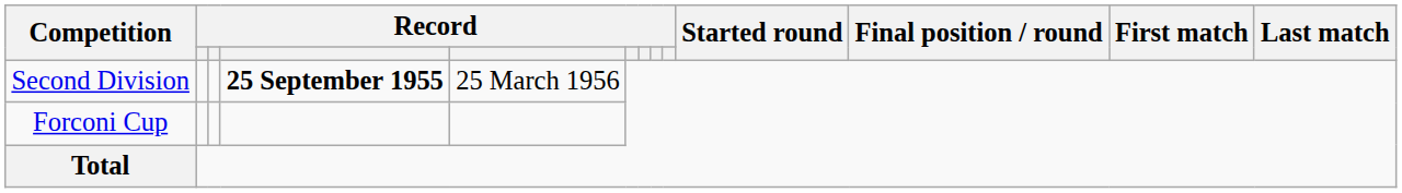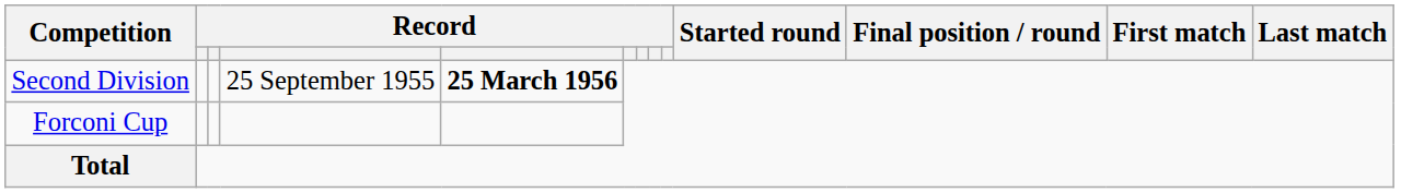 <table class="wikitable" style="text-align: center">
 <tr>
 <th rowspan=2>Competition</th>
 <th colspan=8>Record</th>
 <th rowspan=2>Started round</th>
 <th rowspan=2>Final position / round</th>
 <th rowspan=2>First match</th>
 <th rowspan=2>Last match</th>
 </tr>
 <tr>
 <th></th>
 <th></th>
 <th></th>
 <th></th>
 <th></th>
 <th></th>
 <th></th>
 <th></th>
 </tr>
 <tr>
 <td><a href='#'>Second Division</a><br></td>
 <td></td>
 <td></td>
-<td><strong>25 September 1955</strong></td>
-<td>25 March 1956</td>
+<td>25 September 1955</td>
+<td><strong>25 March 1956</strong></td>
 </tr>
 <tr>
 <td><a href='#'>Forconi Cup</a><br></td>
 <td></td>
 <td></td>
 <td></td>
 <td></td>
 </tr>
 <tr>
 <th>Total<br></th>
 </tr>
 </table>
